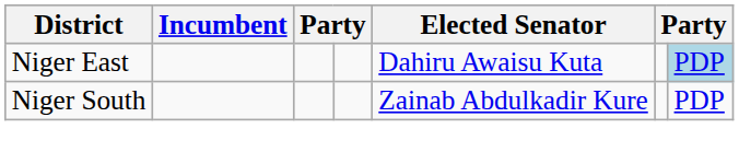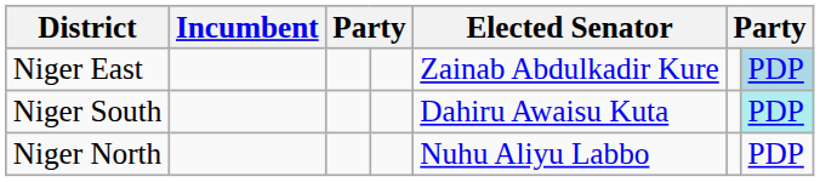 <table class="sortable wikitable" style="font-size:95%;line-height:14px;">
 <tr>
 <th class="unsortable">District</th>
 <th class="unsortable"><a href='#'>Incumbent</a></th>
 <th colspan="2">Party</th>
 <th class="unsortable">Elected Senator</th>
 <th colspan="2">Party</th>
 </tr>
 <tr>
 <td>Niger East</td>
 <td></td>
 <td></td>
 <td></td>
-<td><a href='#'>Dahiru Awaisu Kuta</a></td>
+<td><a href='#'>Zainab Abdulkadir Kure</a></td>
 <td style="background:"></td>
 <td style="background: lightblue;"><a href='#'>PDP</a></td>
 </tr>
 <tr>
 <td>Niger South</td>
 <td></td>
 <td></td>
 <td></td>
-<td><a href='#'>Zainab Abdulkadir Kure</a></td>
+<td><a href='#'>Dahiru Awaisu Kuta</a></td>
+<td style="background:"></td>
+<td style="background: paleturquoise;"><a href='#'>PDP</a></td>
+</tr>
+<tr>
+<td>Niger North</td>
+<td></td>
+<td></td>
+<td></td>
+<td><a href='#'>Nuhu Aliyu Labbo</a></td>
 <td style="background:"></td>
 <td><a href='#'>PDP</a></td>
 </tr>
 </table>
